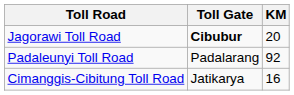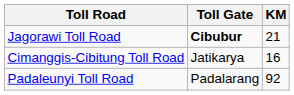 <table class="wikitable">
 <tr>
 <th>Toll Road</th>
 <th>Toll Gate</th>
 <th>KM</th>
 </tr>
 <tr>
 <td><a href='#'>Jagorawi Toll Road</a></td>
 <td><strong>Cibubur</strong></td>
-<td>20</td>
+<td>21</td>
+</tr>
+<tr>
+<td><a href='#'>Cimanggis-Cibitung Toll Road</a></td>
+<td>Jatikarya</td>
+<td>16</td>
 </tr>
 <tr>
 <td><a href='#'>Padaleunyi Toll Road</a></td>
 <td>Padalarang</td>
 <td>92</td>
 </tr>
-<tr>
-<td><a href='#'>Cimanggis-Cibitung Toll Road</a></td>
-<td>Jatikarya</td>
-<td>16</td>
-</tr>
 </table>
